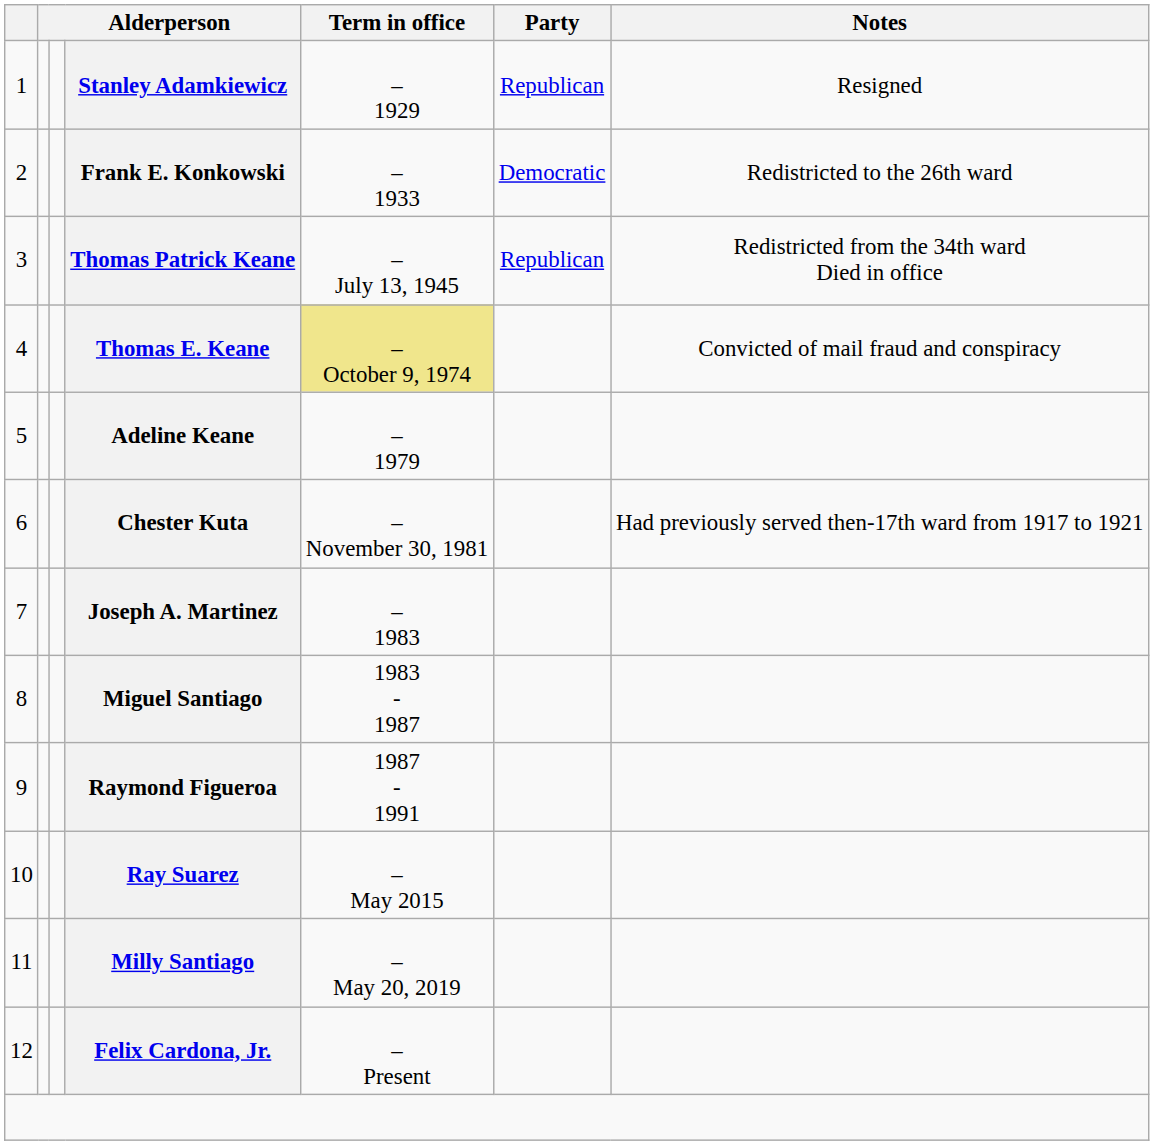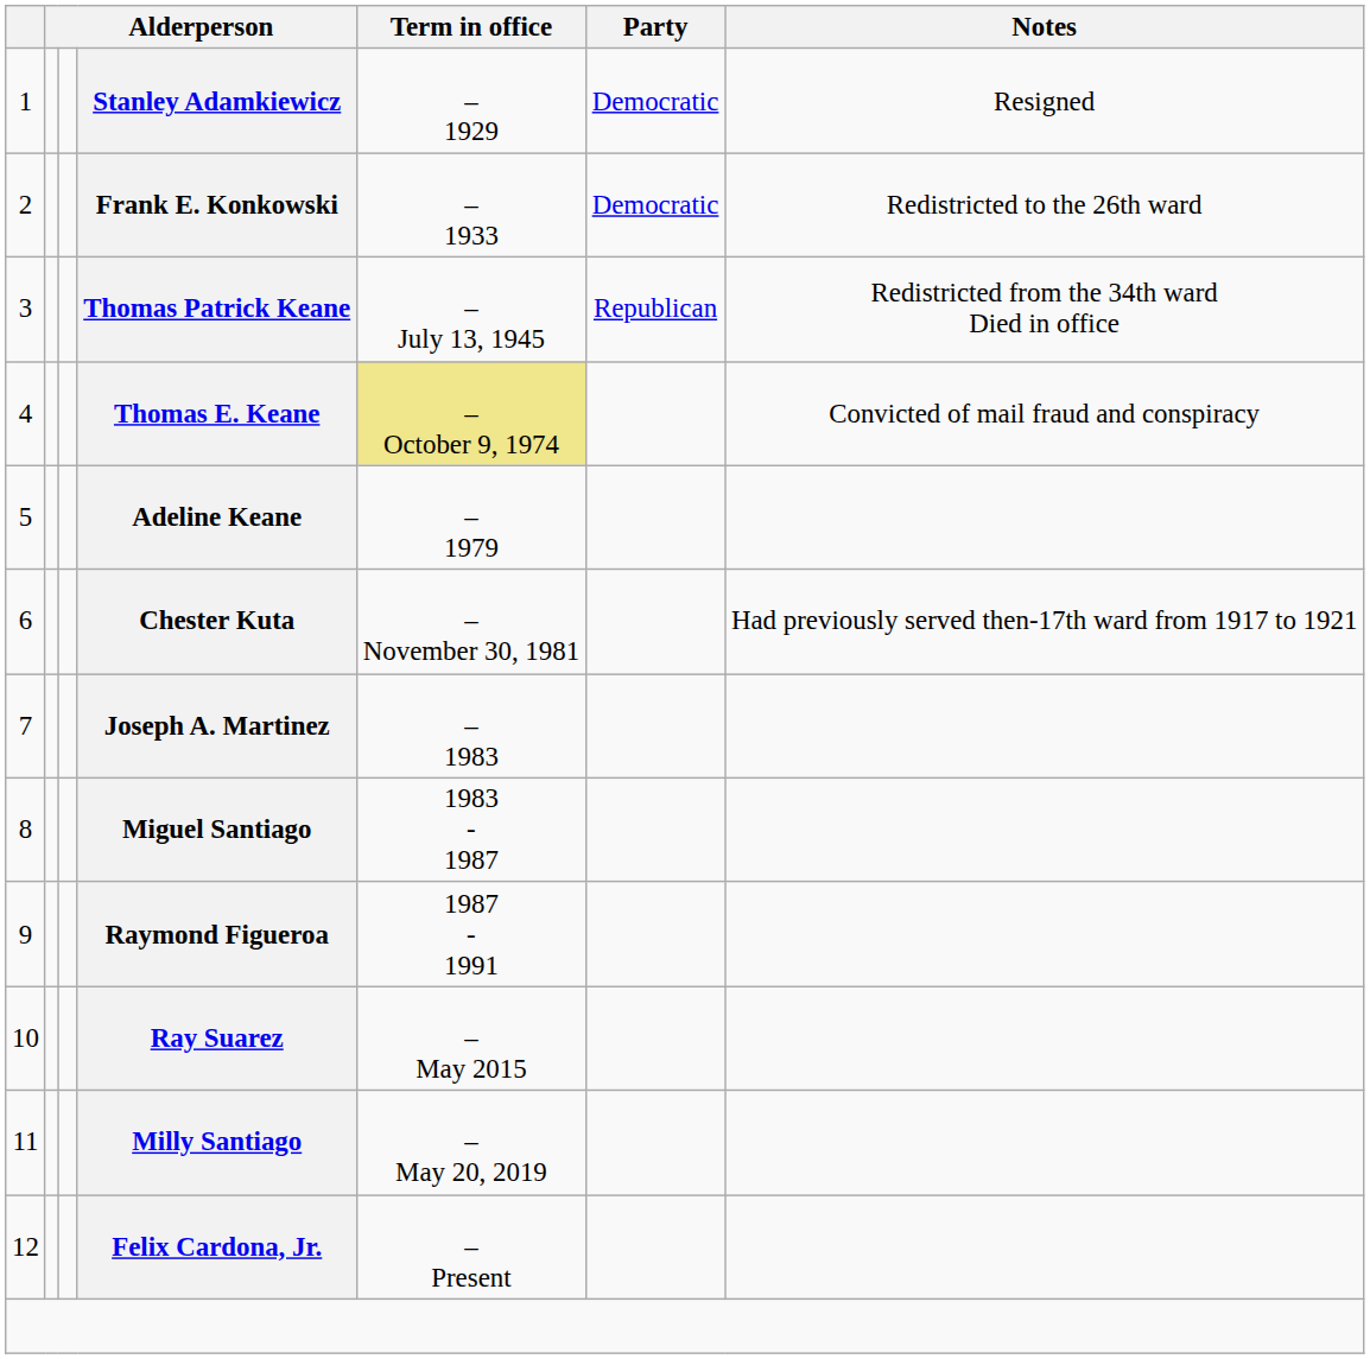 <table class="wikitable sortable" style="text-align:center;">
 <tr>
 <th scope="col"></th>
 <th scope="col" colspan="3">Alderperson</th>
 <th scope="col">Term in office</th>
 <th scope="col">Party</th>
 <th scope="col">Notes</th>
 </tr>
 <tr style="height:2em;">
 <td>1</td>
 <td></td>
 <td> </td>
 <th scope="row"><a href='#'>Stanley Adamkiewicz</a></th>
 <td><br>–<br>1929</td>
-<td><a href='#'>Republican</a></td>
+<td><a href='#'>Democratic</a></td>
 <td>Resigned</td>
 </tr>
 <tr style="height:2em;">
 <td>2</td>
 <td></td>
 <td> </td>
 <th scope="row">Frank E. Konkowski</th>
 <td><br>–<br>1933</td>
 <td><a href='#'>Democratic</a></td>
 <td>Redistricted to the 26th ward</td>
 </tr>
 <tr style="height:2em;">
 <td>3</td>
 <td></td>
 <td> </td>
 <th scope="row"><a href='#'>Thomas Patrick Keane</a></th>
 <td><br>–<br>July 13, 1945</td>
 <td><a href='#'>Republican</a></td>
 <td>Redistricted from the 34th ward <br> Died in office</td>
 </tr>
 <tr style="height:2em;">
 <td>4</td>
 <td></td>
 <td></td>
 <th scope="row"><a href='#'>Thomas E. Keane</a></th>
 <td style="background: khaki;"><br>–<br>October 9, 1974</td>
 <td></td>
 <td>Convicted of mail fraud and conspiracy</td>
 </tr>
 <tr style="height:2em;">
 <td>5</td>
 <td></td>
 <td></td>
 <th scope="row">Adeline Keane</th>
 <td><br>–<br>1979</td>
 <td></td>
 <td></td>
 </tr>
 <tr style="height:2em;">
 <td>6</td>
 <td></td>
 <td></td>
 <th scope="row">Chester Kuta</th>
 <td><br>–<br>November 30, 1981</td>
 <td></td>
 <td>Had previously served then-17th ward from 1917 to 1921</td>
 </tr>
 <tr style="height:2em;">
 <td>7</td>
 <td></td>
 <td></td>
 <th scope="row">Joseph A. Martinez</th>
 <td><br>–<br>1983</td>
 <td></td>
 <td></td>
 </tr>
 <tr style="height:2em;">
 <td>8</td>
 <td></td>
 <td></td>
 <th scope="row">Miguel Santiago</th>
 <td>1983<br>-<br>1987</td>
 <td></td>
 <td></td>
 </tr>
 <tr style="height:2em;">
 <td>9</td>
 <td></td>
 <td></td>
 <th scope="row">Raymond Figueroa</th>
 <td>1987<br>-<br>1991</td>
 <td></td>
 <td></td>
 </tr>
 <tr style="height:2em;">
 <td>10</td>
 <td></td>
 <td></td>
 <th scope="row"><a href='#'>Ray Suarez</a></th>
 <td><br>–<br>May 2015</td>
 <td></td>
 <td></td>
 </tr>
 <tr style="height:2em;">
 <td>11</td>
 <td></td>
 <td></td>
 <th scope="row"><a href='#'>Milly Santiago</a></th>
 <td><br>–<br>May 20, 2019</td>
 <td></td>
 <td></td>
 </tr>
 <tr style="height:2em;">
 <td>12</td>
 <td></td>
 <td></td>
 <th scope="row"><a href='#'>Felix Cardona, Jr.</a></th>
 <td><br>–<br>Present</td>
 <td></td>
 <td></td>
 </tr>
 <tr style="height:2em;">
 </tr>
 </table>
